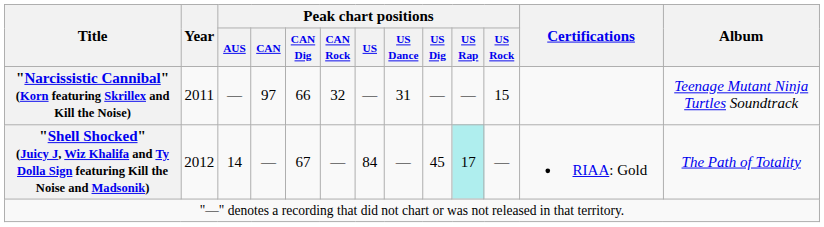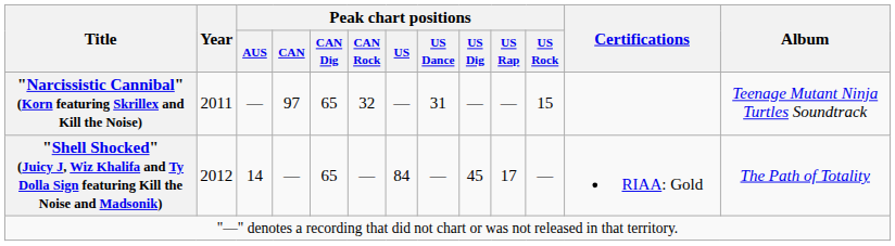 <table class="wikitable plainrowheaders" style="text-align:center;">
 <tr>
 <th scope="col" rowspan="2" style="width:20em;">Title</th>
 <th scope="col" rowspan="2" style="width:1em;">Year</th>
 <th scope="col" colspan="9">Peak chart positions</th>
 <th scope="col" rowspan="2" style="width:14em;"><a href='#'>Certifications</a></th>
 <th scope="col" rowspan="2" style="width:18em;">Album</th>
 </tr>
 <tr>
 <th scope="col" style="width:2.5em;font-size:90%;"><small><a href='#'>AUS</a></small> <br></th>
 <th scope="col" style="width:2.5em;font-size:90%;"><small><a href='#'>CAN</a></small> <br></th>
 <th scope="col" style="width:2.5em;font-size:90%;"><small><a href='#'>CAN<br>Dig</a></small> <br></th>
 <th scope="col" style="width:2.5em;font-size:90%;"><small><a href='#'>CAN<br>Rock</a></small> <br></th>
 <th scope="col" style="width:2.5em;font-size:90%;"><small><a href='#'>US</a></small> <br></th>
 <th scope="col" style="width:2.5em;font-size:90%;"><small><a href='#'>US<br>Dance</a></small> <br></th>
 <th scope="col" style="width:2.5em;font-size:90%;"><small><a href='#'>US<br>Dig</a></small> <br></th>
 <th scope="col" style="width:2.5em;font-size:90%;"><small><a href='#'>US<br>Rap</a></small> <br></th>
 <th scope="col" style="width:2.5em;font-size:90%;"><small><a href='#'>US<br>Rock</a></small> <br></th>
 </tr>
 <tr>
 <th scope="row">"<a href='#'>Narcissistic Cannibal</a>"<br><small>(<a href='#'>Korn</a> featuring <a href='#'>Skrillex</a> and Kill the Noise)</small></th>
 <td rowspan="1">2011</td>
 <td>—</td>
 <td>97</td>
-<td>66</td>
+<td>65</td>
 <td>32</td>
 <td>—</td>
 <td>31</td>
 <td>—</td>
 <td>—</td>
 <td>15</td>
 <td></td>
 <td><em><a href='#'>Teenage Mutant Ninja Turtles</a> Soundtrack</em></td>
 </tr>
 <tr>
 <th scope="row">"<a href='#'>Shell Shocked</a>"<br><small>(<a href='#'>Juicy J</a>, <a href='#'>Wiz Khalifa</a> and <a href='#'>Ty Dolla Sign</a> featuring Kill the Noise and <a href='#'>Madsonik</a>)</small></th>
 <td rowspan="1">2012</td>
 <td>14</td>
 <td>—</td>
-<td>67</td>
+<td>65</td>
 <td>—</td>
 <td>84</td>
 <td>—</td>
 <td>45</td>
-<td style="background: paleturquoise;">17</td>
+<td>17</td>
 <td>—</td>
 <td><br><ul><li><a href='#'>RIAA</a>: Gold</li></ul></td>
 <td><em><a href='#'>The Path of Totality</a></em></td>
 </tr>
 <tr>
 <td colspan="13" style="font-size:90%">"—" denotes a recording that did not chart or was not released in that territory.</td>
 </tr>
 </table>
